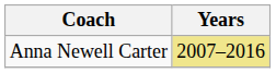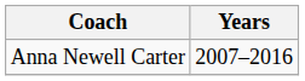 <table class="wikitable collapsible">
 <tr>
 <th>Coach</th>
 <th>Years</th>
 </tr>
 <tr>
 <td> Anna Newell Carter </td>
-<td style="background: khaki;">2007–2016</td>
+<td>2007–2016</td>
 </tr>
 <tr>
 </tr>
 </table>
